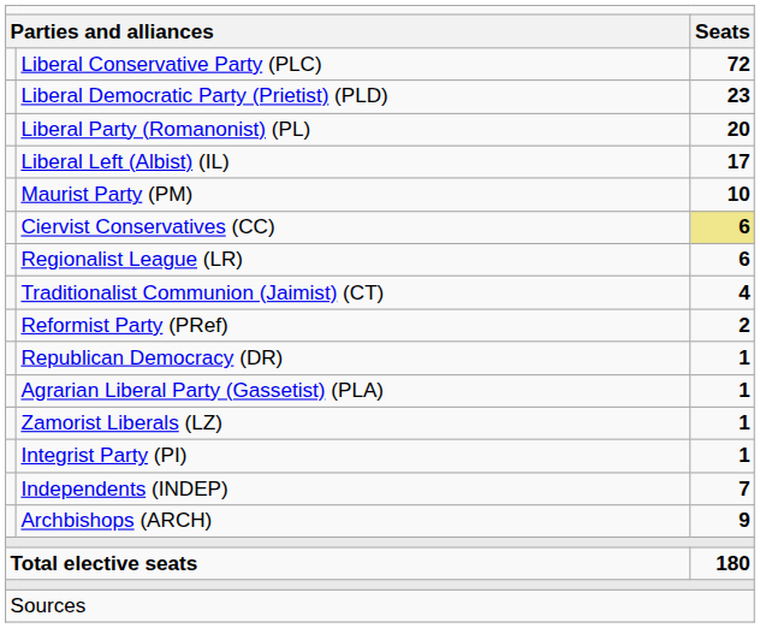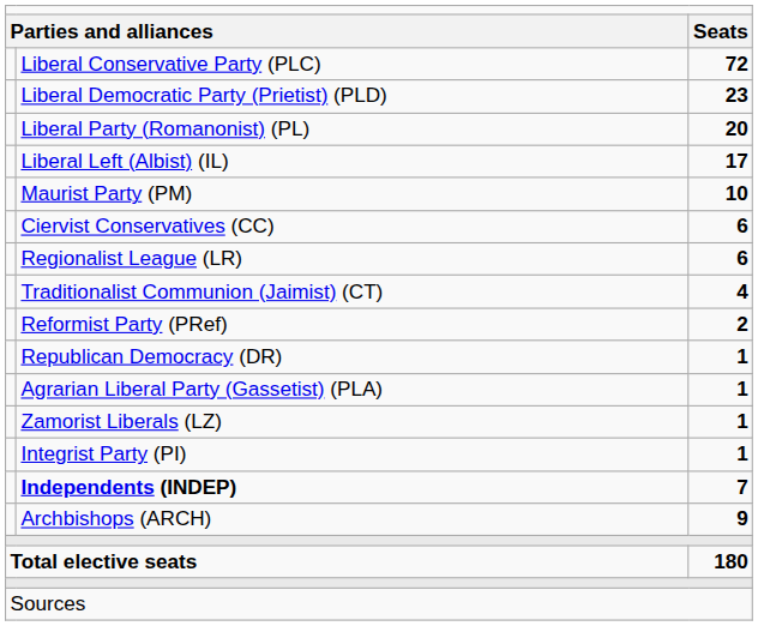 <table class="wikitable" style="text-align:right;">
 <tr>
 <td colspan="3"></td>
 </tr>
 <tr>
 <th style="text-align:left;" colspan="2" width="525">Parties and alliances</th>
 <th width="35">Seats</th>
 </tr>
 <tr>
 <td width="1" style="color:inherit;background:"></td>
 <td align="left"><a href='#'>Liberal Conservative Party</a> (PLC)</td>
 <td><strong>72</strong></td>
 </tr>
 <tr>
 <td style="color:inherit;background:"></td>
 <td align="left"><a href='#'>Liberal Democratic Party (Prietist)</a> (PLD)</td>
 <td><strong>23</strong></td>
 </tr>
 <tr>
 <td style="color:inherit;background:"></td>
 <td align="left"><a href='#'>Liberal Party (Romanonist)</a> (PL)</td>
 <td><strong>20</strong></td>
 </tr>
 <tr>
 <td style="color:inherit;background:"></td>
 <td align="left"><a href='#'>Liberal Left (Albist)</a> (IL)</td>
 <td><strong>17</strong></td>
 </tr>
 <tr>
 <td style="color:inherit;background:"></td>
 <td align="left"><a href='#'>Maurist Party</a> (PM)</td>
 <td><strong>10</strong></td>
 </tr>
 <tr>
 <td style="color:inherit;background:"></td>
 <td align="left"><a href='#'>Ciervist Conservatives</a> (CC)</td>
-<td style="background: khaki;"><strong>6</strong></td>
+<td><strong>6</strong></td>
 </tr>
 <tr>
 <td style="color:inherit;background:"></td>
 <td align="left"><a href='#'>Regionalist League</a> (LR)</td>
 <td><strong>6</strong></td>
 </tr>
 <tr>
 <td style="color:inherit;background:"></td>
 <td align="left"><a href='#'>Traditionalist Communion (Jaimist)</a> (CT)</td>
 <td><strong>4</strong></td>
 </tr>
 <tr>
 <td style="color:inherit;background:"></td>
 <td align="left"><a href='#'>Reformist Party</a> (PRef)</td>
 <td><strong>2</strong></td>
 </tr>
 <tr>
 <td style="color:inherit;background:"></td>
 <td align="left"><a href='#'>Republican Democracy</a> (DR)</td>
 <td><strong>1</strong></td>
 </tr>
 <tr>
 <td style="color:inherit;background:"></td>
 <td align="left"><a href='#'>Agrarian Liberal Party (Gassetist)</a> (PLA)</td>
 <td><strong>1</strong></td>
 </tr>
 <tr>
 <td style="color:inherit;background:"></td>
 <td align="left"><a href='#'>Zamorist Liberals</a> (LZ)</td>
 <td><strong>1</strong></td>
 </tr>
 <tr>
 <td style="color:inherit;background:"></td>
 <td align="left"><a href='#'>Integrist Party</a> (PI)</td>
 <td><strong>1</strong></td>
 </tr>
 <tr>
 <td style="color:inherit;background:"></td>
-<td align="left"><a href='#'>Independents</a> (INDEP)</td>
+<td align="left"><strong><a href='#'>Independents</a> (INDEP)</strong></td>
 <td><strong>7</strong></td>
 </tr>
 <tr>
 <td style="color:inherit;background:"></td>
 <td align="left"><a href='#'>Archbishops</a> (ARCH)</td>
 <td><strong>9</strong></td>
 </tr>
 <tr>
 <td colspan="3" bgcolor="#E9E9E9"></td>
 </tr>
 <tr style="font-weight:bold;">
 <td align="left" colspan="2">Total elective seats</td>
 <td>180</td>
 </tr>
 <tr>
 <td colspan="3" bgcolor="#E9E9E9"></td>
 </tr>
 <tr>
 <td align="left" colspan="3">Sources</td>
 </tr>
 </table>
